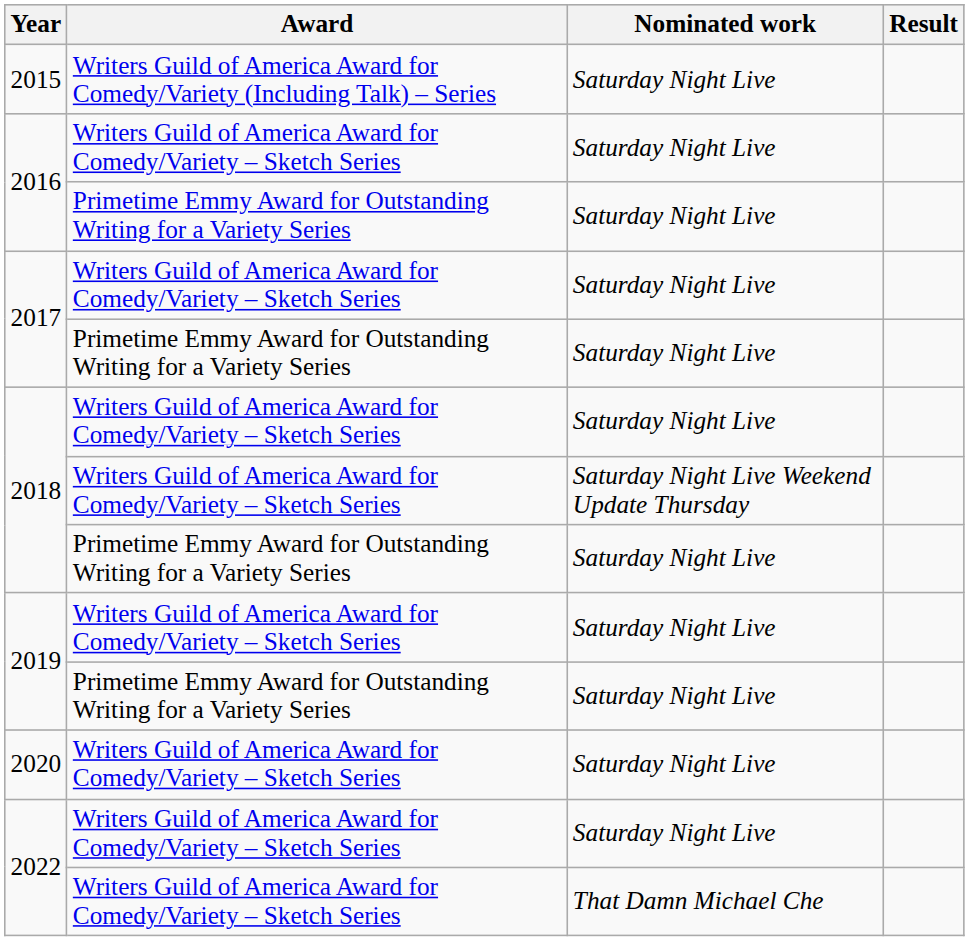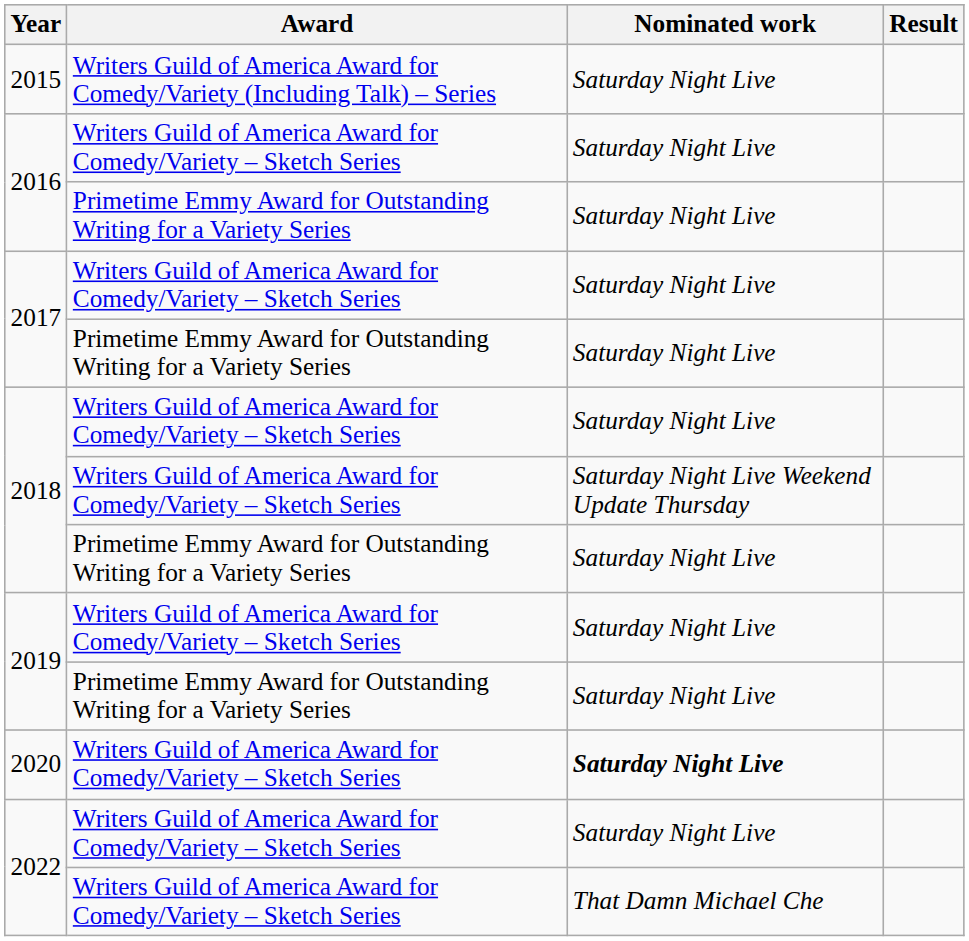 <table class="wikitable sortable">
 <tr>
 <th>Year</th>
 <th>Award</th>
 <th>Nominated work</th>
 <th>Result</th>
 </tr>
 <tr>
 <td>2015</td>
 <td><a href='#'>Writers Guild of America Award for Comedy/Variety (Including Talk) – Series</a></td>
 <td><em>Saturday Night Live</em></td>
 <td></td>
 </tr>
 <tr>
 <td rowspan="2">2016</td>
 <td><a href='#'>Writers Guild of America Award for Comedy/Variety – Sketch Series</a></td>
 <td><em>Saturday Night Live</em></td>
 <td></td>
 </tr>
 <tr>
 <td><a href='#'>Primetime Emmy Award for Outstanding Writing for a Variety Series</a></td>
 <td><em>Saturday Night Live</em></td>
 <td></td>
 </tr>
 <tr>
 <td rowspan="2">2017</td>
 <td><a href='#'>Writers Guild of America Award for Comedy/Variety – Sketch Series</a></td>
 <td><em>Saturday Night Live</em></td>
 <td></td>
 </tr>
 <tr>
 <td>Primetime Emmy Award for Outstanding Writing for a Variety Series</td>
 <td><em>Saturday Night Live</em></td>
 <td></td>
 </tr>
 <tr>
 <td rowspan="3">2018</td>
 <td><a href='#'>Writers Guild of America Award for Comedy/Variety – Sketch Series</a></td>
 <td><em>Saturday Night Live</em></td>
 <td></td>
 </tr>
 <tr>
 <td><a href='#'>Writers Guild of America Award for Comedy/Variety – Sketch Series</a></td>
 <td><em>Saturday Night Live Weekend Update Thursday</em></td>
 <td></td>
 </tr>
 <tr>
 <td>Primetime Emmy Award for Outstanding Writing for a Variety Series</td>
 <td><em>Saturday Night Live</em></td>
 <td></td>
 </tr>
 <tr>
 <td rowspan="2">2019</td>
 <td><a href='#'>Writers Guild of America Award for Comedy/Variety – Sketch Series</a></td>
 <td><em>Saturday Night Live</em></td>
 <td></td>
 </tr>
 <tr>
 <td>Primetime Emmy Award for Outstanding Writing for a Variety Series</td>
 <td><em>Saturday Night Live</em></td>
 <td></td>
 </tr>
 <tr>
 <td>2020</td>
 <td><a href='#'>Writers Guild of America Award for Comedy/Variety – Sketch Series</a></td>
-<td><em>Saturday Night Live</em></td>
+<td><strong><em>Saturday Night Live</em></strong></td>
 <td></td>
 </tr>
 <tr>
 <td rowspan="2">2022</td>
 <td><a href='#'>Writers Guild of America Award for Comedy/Variety – Sketch Series</a></td>
 <td><em>Saturday Night Live</em></td>
 <td></td>
 </tr>
 <tr>
 <td><a href='#'>Writers Guild of America Award for Comedy/Variety – Sketch Series</a></td>
 <td><em>That Damn Michael Che</em></td>
 <td></td>
 </tr>
 </table>
